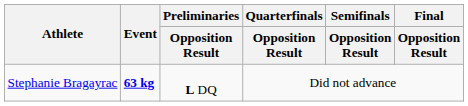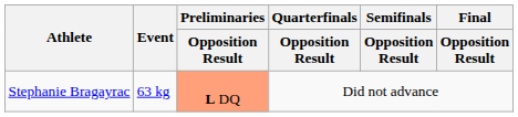 <table class="wikitable" border="1" style="font-size:90%">
 <tr>
 <th rowspan=2>Athlete</th>
 <th rowspan=2>Event</th>
 <th>Preliminaries</th>
 <th>Quarterfinals</th>
 <th>Semifinals</th>
 <th>Final</th>
 </tr>
 <tr>
 <th>Opposition<br>Result</th>
 <th>Opposition<br>Result</th>
 <th>Opposition<br>Result</th>
 <th>Opposition<br>Result</th>
 </tr>
 <tr align=center>
 <td align=left><a href='#'>Stephanie Bragayrac</a></td>
-<td align=left><strong><a href='#'>63 kg</a></strong></td>
-<td><br><strong>L</strong> DQ</td>
+<td align=left><a href='#'>63 kg</a></td>
+<td style="background: lightsalmon;"><br><strong>L</strong> DQ</td>
 <td colspan="3" align=center>Did not advance</td>
 </tr>
 </table>
